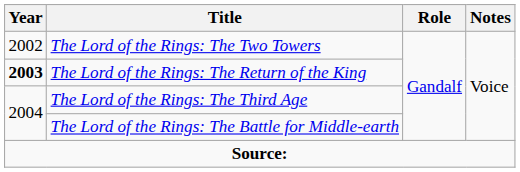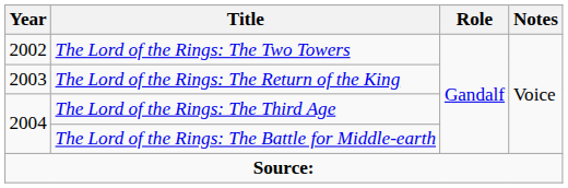 <table class="wikitable sortable">
 <tr>
 <th>Year</th>
 <th>Title</th>
 <th>Role</th>
 <th>Notes</th>
 </tr>
 <tr>
 <td>2002</td>
 <td><em><a href='#'>The Lord of the Rings: The Two Towers</a></em></td>
 <td rowspan="4"><a href='#'>Gandalf</a></td>
 <td rowspan=4>Voice</td>
 </tr>
 <tr>
-<td><strong>2003</strong></td>
+<td>2003</td>
 <td><em><a href='#'>The Lord of the Rings: The Return of the King</a></em></td>
 </tr>
 <tr>
 <td rowspan="2">2004</td>
 <td><em><a href='#'>The Lord of the Rings: The Third Age</a></em></td>
 </tr>
 <tr>
 <td><em><a href='#'>The Lord of the Rings: The Battle for Middle-earth</a></em></td>
 </tr>
 <tr>
 <td colspan="4" style="text-align: center;"><strong>Source:</strong></td>
 </tr>
 </table>
